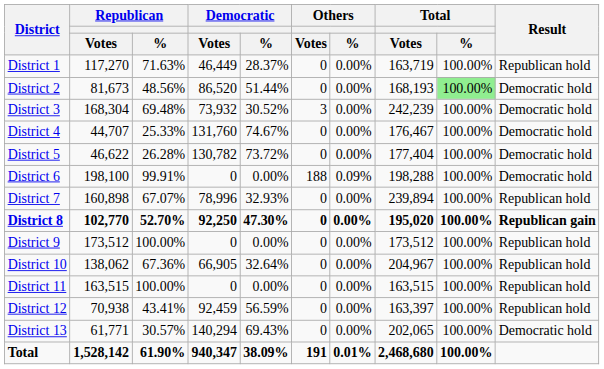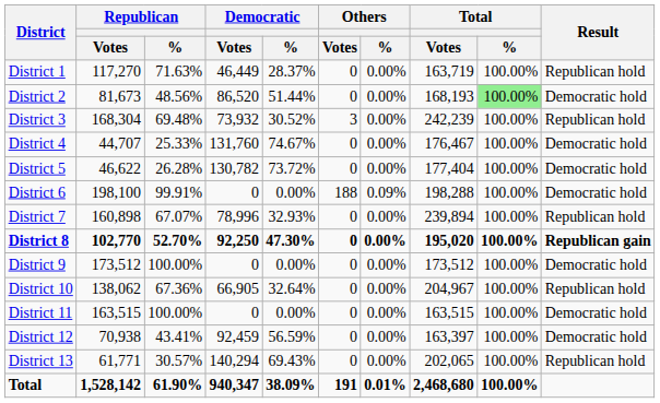 <table class="wikitable plainrowheaders sortable" style="font-size:100%; text-align:right;">
 <tr>
 <th scope=col rowspan=3><a href='#'>District</a></th>
 <th scope=col colspan=2><a href='#'>Republican</a></th>
 <th scope=col colspan=2><a href='#'>Democratic</a></th>
 <th scope=col colspan=2>Others</th>
 <th scope=col colspan=2>Total</th>
 <th scope=col rowspan=3>Result</th>
 </tr>
 <tr>
 <th scope=col colspan=2 style="background:"></th>
 <th scope=col colspan=2 style="background:"></th>
 <th scope=col colspan=2></th>
 <th scope=col colspan=2></th>
 </tr>
 <tr>
 <th scope=col data-sort-type="number">Votes</th>
 <th scope=col data-sort-type="number">%</th>
 <th scope=col data-sort-type="number">Votes</th>
 <th scope=col data-sort-type="number">%</th>
 <th scope=col data-sort-type="number">Votes</th>
 <th scope=col data-sort-type="number">%</th>
 <th scope=col data-sort-type="number">Votes</th>
 <th scope=col data-sort-type="number">%</th>
 </tr>
 <tr>
 <td align=left><a href='#'>District 1</a></td>
 <td>117,270</td>
 <td>71.63%</td>
 <td>46,449</td>
 <td>28.37%</td>
 <td>0</td>
 <td>0.00%</td>
 <td>163,719</td>
 <td>100.00%</td>
 <td align=left>Republican hold</td>
 </tr>
 <tr>
 <td align=left><a href='#'>District 2</a></td>
 <td>81,673</td>
 <td>48.56%</td>
 <td>86,520</td>
 <td>51.44%</td>
 <td>0</td>
 <td>0.00%</td>
 <td>168,193</td>
 <td style="background: lightgreen;">100.00%</td>
 <td align=left>Democratic hold</td>
 </tr>
 <tr>
 <td align=left><a href='#'>District 3</a></td>
 <td>168,304</td>
 <td>69.48%</td>
 <td>73,932</td>
 <td>30.52%</td>
 <td>3</td>
 <td>0.00%</td>
 <td>242,239</td>
 <td>100.00%</td>
-<td align=left>Democratic hold</td>
+<td align=left>Republican hold</td>
 </tr>
 <tr>
 <td align=left><a href='#'>District 4</a></td>
 <td>44,707</td>
 <td>25.33%</td>
 <td>131,760</td>
 <td>74.67%</td>
 <td>0</td>
 <td>0.00%</td>
 <td>176,467</td>
 <td>100.00%</td>
 <td align=left>Democratic hold</td>
 </tr>
 <tr>
 <td align=left><a href='#'>District 5</a></td>
 <td>46,622</td>
 <td>26.28%</td>
 <td>130,782</td>
 <td>73.72%</td>
 <td>0</td>
 <td>0.00%</td>
 <td>177,404</td>
 <td>100.00%</td>
 <td align=left>Democratic hold</td>
 </tr>
 <tr>
 <td align=left><a href='#'>District 6</a></td>
 <td>198,100</td>
 <td>99.91%</td>
 <td>0</td>
 <td>0.00%</td>
 <td>188</td>
 <td>0.09%</td>
 <td>198,288</td>
 <td>100.00%</td>
 <td align=left>Democratic hold</td>
 </tr>
 <tr>
 <td align=left><a href='#'>District 7</a></td>
 <td>160,898</td>
 <td>67.07%</td>
 <td>78,996</td>
 <td>32.93%</td>
 <td>0</td>
 <td>0.00%</td>
 <td>239,894</td>
 <td>100.00%</td>
 <td align=left>Republican hold</td>
 </tr>
 <tr>
 <td align=left><strong><a href='#'>District 8</a></strong></td>
 <td><strong>102,770</strong></td>
 <td><strong>52.70%</strong></td>
 <td><strong>92,250</strong></td>
 <td><strong>47.30%</strong></td>
 <td><strong>0</strong></td>
 <td><strong>0.00%</strong></td>
 <td><strong>195,020</strong></td>
 <td><strong>100.00%</strong></td>
 <td align=left><strong>Republican gain</strong></td>
 </tr>
 <tr>
 <td align=left><a href='#'>District 9</a></td>
 <td>173,512</td>
 <td>100.00%</td>
 <td>0</td>
 <td>0.00%</td>
 <td>0</td>
 <td>0.00%</td>
 <td>173,512</td>
 <td>100.00%</td>
-<td align=left>Republican hold</td>
+<td align=left>Democratic hold</td>
 </tr>
 <tr>
 <td align=left><a href='#'>District 10</a></td>
 <td>138,062</td>
 <td>67.36%</td>
 <td>66,905</td>
 <td>32.64%</td>
 <td>0</td>
 <td>0.00%</td>
 <td>204,967</td>
 <td>100.00%</td>
 <td align=left>Republican hold</td>
 </tr>
 <tr>
 <td align=left><a href='#'>District 11</a></td>
 <td>163,515</td>
 <td>100.00%</td>
 <td>0</td>
 <td>0.00%</td>
 <td>0</td>
 <td>0.00%</td>
 <td>163,515</td>
 <td>100.00%</td>
-<td align=left>Republican hold</td>
+<td align=left>Democratic hold</td>
 </tr>
 <tr>
 <td align=left><a href='#'>District 12</a></td>
 <td>70,938</td>
 <td>43.41%</td>
 <td>92,459</td>
 <td>56.59%</td>
 <td>0</td>
 <td>0.00%</td>
 <td>163,397</td>
 <td>100.00%</td>
-<td align=left>Republican hold</td>
+<td align=left>Democratic hold</td>
 </tr>
 <tr>
 <td align=left><a href='#'>District 13</a></td>
 <td>61,771</td>
 <td>30.57%</td>
 <td>140,294</td>
 <td>69.43%</td>
 <td>0</td>
 <td>0.00%</td>
 <td>202,065</td>
 <td>100.00%</td>
-<td align=left>Democratic hold</td>
+<td align=left>Republican hold</td>
 </tr>
 <tr class="sortbottom" style="font-weight:bold">
 <td align=left>Total</td>
 <td>1,528,142</td>
 <td>61.90%</td>
 <td>940,347</td>
 <td>38.09%</td>
 <td>191</td>
 <td>0.01%</td>
 <td>2,468,680</td>
 <td>100.00%</td>
 <td></td>
 </tr>
 </table>
